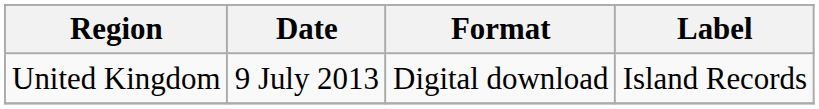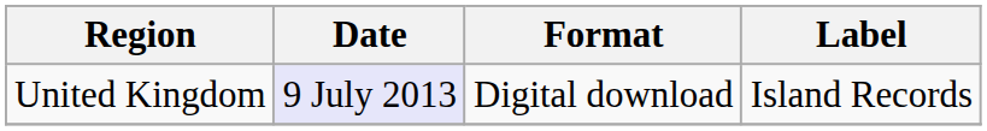 <table class="wikitable">
 <tr>
 <th scope="col">Region</th>
 <th scope="col">Date</th>
 <th scope="col">Format</th>
 <th scope="col">Label</th>
 </tr>
 <tr>
 <td>United Kingdom</td>
-<td>9 July 2013</td>
+<td style="background: lavender;">9 July 2013</td>
 <td>Digital download</td>
 <td>Island Records</td>
 </tr>
 <tr>
 </tr>
 </table>
